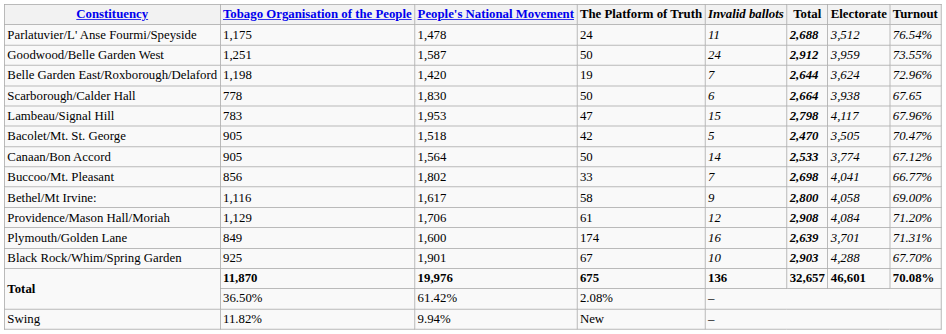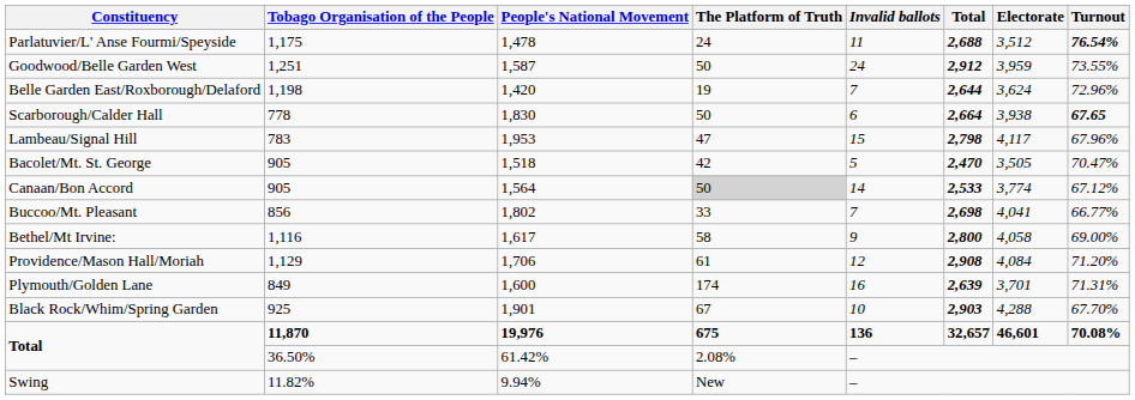 <table class="wikitable sortable">
 <tr>
 <th><a href='#'>Constituency</a></th>
 <th><a href='#'>Tobago Organisation of the People</a></th>
 <th><a href='#'>People's National Movement</a></th>
 <th>The Platform of Truth</th>
 <th><em>Invalid ballots</em></th>
 <th>Total</th>
 <th>Electorate</th>
 <th>Turnout</th>
 </tr>
 <tr>
 <td>Parlatuvier/L' Anse Fourmi/Speyside</td>
 <td>1,175</td>
 <td>1,478</td>
 <td>24</td>
 <td><em>11</em></td>
 <td><strong><em>2,688</em></strong></td>
 <td><em>3,512</em></td>
-<td><em>76.54%</em></td>
+<td><strong><em>76.54%</em></strong></td>
 </tr>
 <tr>
 <td>Goodwood/Belle Garden West</td>
 <td>1,251</td>
 <td>1,587</td>
 <td>50</td>
 <td><em>24</em></td>
 <td><strong><em>2,912</em></strong></td>
 <td><em>3,959</em></td>
 <td><em>73.55%</em></td>
 </tr>
 <tr>
 <td>Belle Garden East/Roxborough/Delaford</td>
 <td>1,198</td>
 <td>1,420</td>
 <td>19</td>
 <td><em>7</em></td>
 <td><strong><em>2,644</em></strong></td>
 <td><em>3,624</em></td>
 <td><em>72.96%</em></td>
 </tr>
 <tr>
 <td>Scarborough/Calder Hall</td>
 <td>778</td>
 <td>1,830</td>
 <td>50</td>
 <td><em>6</em></td>
 <td><strong><em>2,664</em></strong></td>
 <td><em>3,938</em></td>
-<td><em>67.65</em></td>
+<td><strong><em>67.65</em></strong></td>
 </tr>
 <tr>
 <td>Lambeau/Signal Hill</td>
 <td>783</td>
 <td>1,953</td>
 <td>47</td>
 <td><em>15</em></td>
 <td><strong><em>2,798</em></strong></td>
 <td><em>4,117</em></td>
 <td><em>67.96%</em></td>
 </tr>
 <tr>
 <td>Bacolet/Mt. St. George</td>
 <td>905</td>
 <td>1,518</td>
 <td>42</td>
 <td><em>5</em></td>
 <td><strong><em>2,470</em></strong></td>
 <td><em>3,505</em></td>
 <td><em>70.47%</em></td>
 </tr>
 <tr>
 <td>Canaan/Bon Accord</td>
 <td>905</td>
 <td>1,564</td>
-<td>50</td>
+<td style="background: lightgrey;">50</td>
 <td><em>14</em></td>
 <td><strong><em>2,533</em></strong></td>
 <td><em>3,774</em></td>
 <td><em>67.12%</em></td>
 </tr>
 <tr>
 <td>Buccoo/Mt. Pleasant</td>
 <td>856</td>
 <td>1,802</td>
 <td>33</td>
 <td><em>7</em></td>
 <td><strong><em>2,698</em></strong></td>
 <td><em>4,041</em></td>
 <td><em>66.77%</em></td>
 </tr>
 <tr>
 <td>Bethel/Mt Irvine:</td>
 <td>1,116</td>
 <td>1,617</td>
 <td>58</td>
 <td><em>9</em></td>
 <td><strong><em>2,800</em></strong></td>
 <td><em>4,058</em></td>
 <td><em>69.00%</em></td>
 </tr>
 <tr>
 <td>Providence/Mason Hall/Moriah</td>
 <td>1,129</td>
 <td>1,706</td>
 <td>61</td>
 <td><em>12</em></td>
 <td><strong><em>2,908</em></strong></td>
 <td><em>4,084</em></td>
 <td><em>71.20%</em></td>
 </tr>
 <tr>
 <td>Plymouth/Golden Lane</td>
 <td>849</td>
 <td>1,600</td>
 <td>174</td>
 <td><em>16</em></td>
 <td><strong><em>2,639</em></strong></td>
 <td><em>3,701</em></td>
 <td><em>71.31%</em></td>
 </tr>
 <tr>
 <td>Black Rock/Whim/Spring Garden</td>
 <td>925</td>
 <td>1,901</td>
 <td>67</td>
 <td><em>10</em></td>
 <td><strong><em>2,903</em></strong></td>
 <td><em>4,288</em></td>
 <td><em>67.70%</em></td>
 </tr>
 <tr>
 <td rowspan="2"><strong>Total</strong></td>
 <td><strong>11,870</strong></td>
 <td><strong>19,976</strong></td>
 <td><strong>675</strong></td>
 <td><strong>136</strong></td>
 <td><strong>32,657</strong></td>
 <td><strong>46,601</strong></td>
 <td><strong>70.08%</strong></td>
 </tr>
 <tr>
 <td>36.50%</td>
 <td>61.42%</td>
 <td>2.08%</td>
 <td colspan="4">–</td>
 </tr>
 <tr>
 <td>Swing</td>
 <td> 11.82%</td>
 <td> 9.94%</td>
 <td>New</td>
 <td colspan="4">–</td>
 </tr>
 </table>
